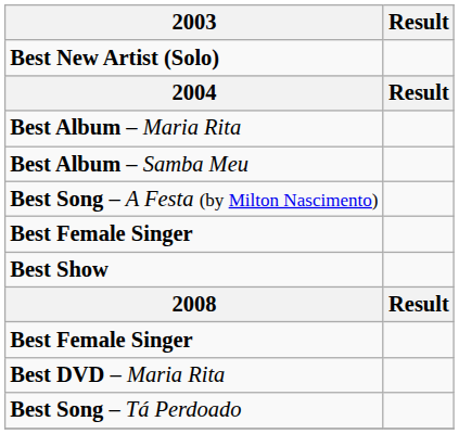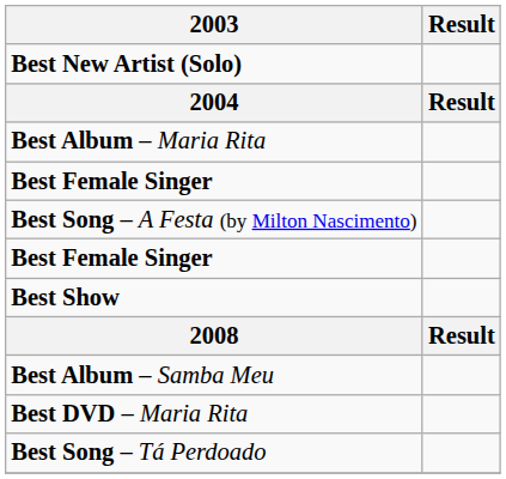 <table class="wikitable" border="1">
 <tr>
 <th>2003</th>
 <th>Result</th>
 </tr>
 <tr>
 <td><strong>Best New Artist (Solo)</strong></td>
 <td></td>
 </tr>
 <tr>
 <th>2004</th>
 <th>Result</th>
 </tr>
 <tr>
 <td><strong>Best Album</strong> – <em>Maria Rita</em></td>
 <td></td>
 </tr>
 <tr>
-<td><strong>Best Album</strong> – <em>Samba Meu</em></td>
+<td><strong>Best Female Singer</strong></td>
 <td></td>
 </tr>
 <tr>
 <td><strong>Best Song</strong> – <em>A Festa</em> <small>(by <a href='#'>Milton Nascimento</a>)</small></td>
 <td></td>
 </tr>
 <tr>
 <td><strong>Best Female Singer</strong></td>
 <td></td>
 </tr>
 <tr>
 <td><strong>Best Show</strong></td>
 <td></td>
 </tr>
 <tr>
 <th>2008</th>
 <th>Result</th>
 </tr>
 <tr>
-<td><strong>Best Female Singer</strong></td>
+<td><strong>Best Album</strong> – <em>Samba Meu</em></td>
 <td></td>
 </tr>
 <tr>
 <td><strong>Best DVD</strong> – <em>Maria Rita</em></td>
 <td></td>
 </tr>
 <tr>
 <td><strong>Best Song</strong> – <em>Tá Perdoado</em></td>
 <td></td>
 </tr>
 <tr>
 </tr>
 </table>
